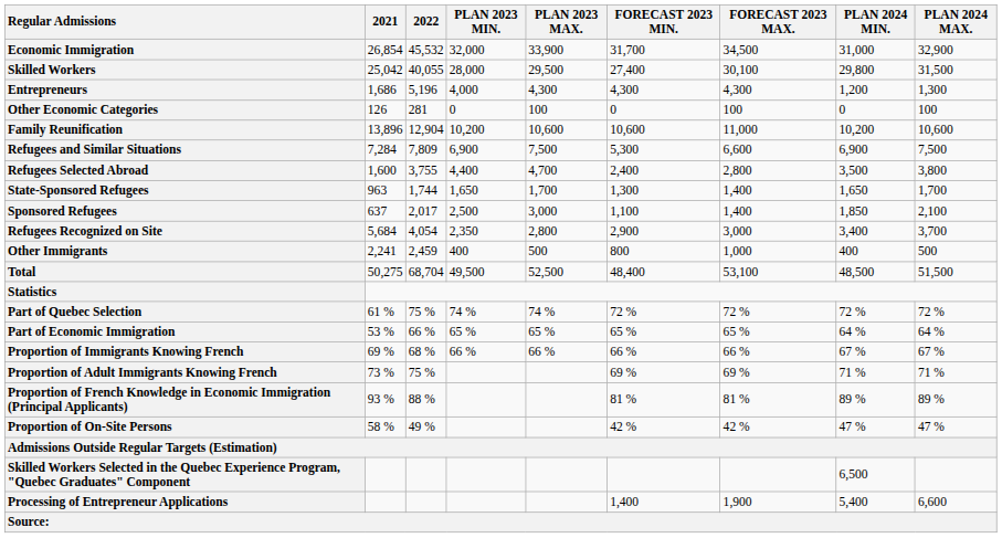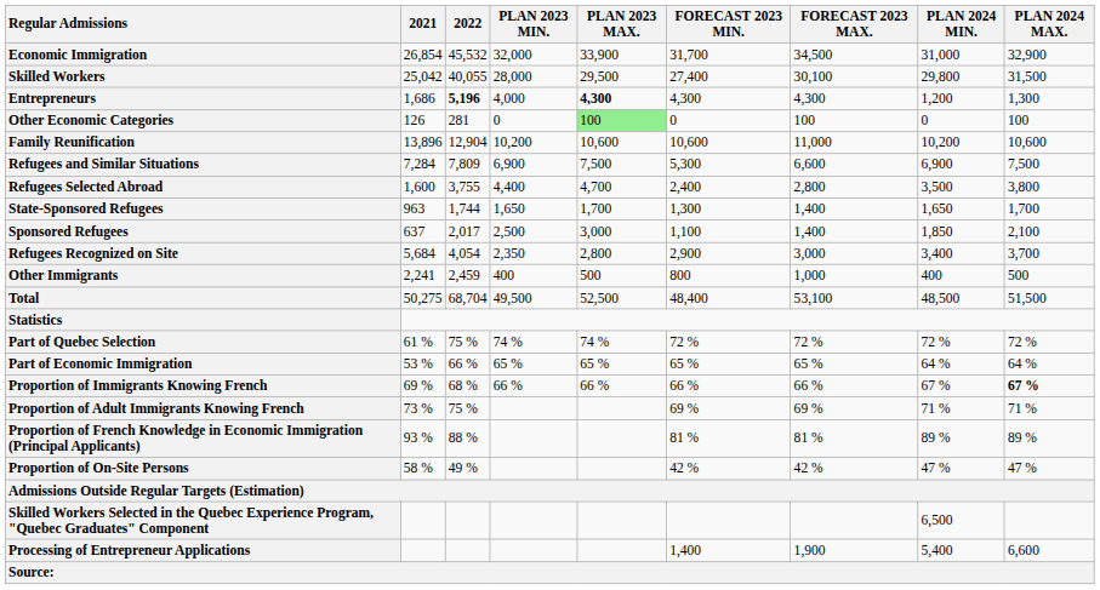 <table class="wikitable">
 <tr>
 <th scope="col" style="text-align: left;">Regular Admissions</th>
 <th scope="col">2021</th>
 <th scope="col">2022</th>
 <th scope="col">PLAN 2023 MIN.</th>
 <th scope="col">PLAN 2023 MAX.</th>
 <th scope="col">FORECAST 2023 MIN.</th>
 <th scope="col">FORECAST 2023 MAX.</th>
 <th scope="col">PLAN 2024 MIN.</th>
 <th scope="col">PLAN 2024 MAX.</th>
 </tr>
 <tr>
 <th scope="row" style="text-align: left;">Economic Immigration</th>
 <td>26,854</td>
 <td>45,532</td>
 <td>32,000</td>
 <td>33,900</td>
 <td>31,700</td>
 <td>34,500</td>
 <td>31,000</td>
 <td>32,900</td>
 </tr>
 <tr>
 <th scope="row" style="text-align: left;">Skilled Workers</th>
 <td>25,042</td>
 <td>40,055</td>
 <td>28,000</td>
 <td>29,500</td>
 <td>27,400</td>
 <td>30,100</td>
 <td>29,800</td>
 <td>31,500</td>
 </tr>
 <tr>
 <th scope="row" style="text-align: left;">Entrepreneurs</th>
 <td>1,686</td>
-<td>5,196</td>
+<td><strong>5,196</strong></td>
 <td>4,000</td>
-<td>4,300</td>
+<td><strong>4,300</strong></td>
 <td>4,300</td>
 <td>4,300</td>
 <td>1,200</td>
 <td>1,300</td>
 </tr>
 <tr>
 <th scope="row" style="text-align: left;">Other Economic Categories</th>
 <td>126</td>
 <td>281</td>
 <td>0</td>
-<td>100</td>
+<td style="background: lightgreen;">100</td>
 <td>0</td>
 <td>100</td>
 <td>0</td>
 <td>100</td>
 </tr>
 <tr>
 <th scope="row" style="text-align: left;">Family Reunification</th>
 <td>13,896</td>
 <td>12,904</td>
 <td>10,200</td>
 <td>10,600</td>
 <td>10,600</td>
 <td>11,000</td>
 <td>10,200</td>
 <td>10,600</td>
 </tr>
 <tr>
 <th scope="row" style="text-align: left;">Refugees and Similar Situations</th>
 <td>7,284</td>
 <td>7,809</td>
 <td>6,900</td>
 <td>7,500</td>
 <td>5,300</td>
 <td>6,600</td>
 <td>6,900</td>
 <td>7,500</td>
 </tr>
 <tr>
 <th scope="row" style="text-align: left;">Refugees Selected Abroad</th>
 <td>1,600</td>
 <td>3,755</td>
 <td>4,400</td>
 <td>4,700</td>
 <td>2,400</td>
 <td>2,800</td>
 <td>3,500</td>
 <td>3,800</td>
 </tr>
 <tr>
 <th scope="row" style="text-align: left;">State-Sponsored Refugees</th>
 <td>963</td>
 <td>1,744</td>
 <td>1,650</td>
 <td>1,700</td>
 <td>1,300</td>
 <td>1,400</td>
 <td>1,650</td>
 <td>1,700</td>
 </tr>
 <tr>
 <th scope="row" style="text-align: left;">Sponsored Refugees</th>
 <td>637</td>
 <td>2,017</td>
 <td>2,500</td>
 <td>3,000</td>
 <td>1,100</td>
 <td>1,400</td>
 <td>1,850</td>
 <td>2,100</td>
 </tr>
 <tr>
 <th scope="row" style="text-align: left;">Refugees Recognized on Site</th>
 <td>5,684</td>
 <td>4,054</td>
 <td>2,350</td>
 <td>2,800</td>
 <td>2,900</td>
 <td>3,000</td>
 <td>3,400</td>
 <td>3,700</td>
 </tr>
 <tr>
 <th scope="row" style="text-align: left;">Other Immigrants</th>
 <td>2,241</td>
 <td>2,459</td>
 <td>400</td>
 <td>500</td>
 <td>800</td>
 <td>1,000</td>
 <td>400</td>
 <td>500</td>
 </tr>
 <tr>
 <th scope="row" style="text-align: left;">Total</th>
 <td>50,275</td>
 <td>68,704</td>
 <td>49,500</td>
 <td>52,500</td>
 <td>48,400</td>
 <td>53,100</td>
 <td>48,500</td>
 <td>51,500</td>
 </tr>
 <tr>
 <th scope="row" style="text-align: left;">Statistics</th>
 </tr>
 <tr>
 <th scope="row" style="text-align: left;">Part of Quebec Selection</th>
 <td>61 %</td>
 <td>75 %</td>
 <td>74 %</td>
 <td>74 %</td>
 <td>72 %</td>
 <td>72 %</td>
 <td>72 %</td>
 <td>72 %</td>
 </tr>
 <tr>
 <th scope="row" style="text-align: left;">Part of Economic Immigration</th>
 <td>53 %</td>
 <td>66 %</td>
 <td>65 %</td>
 <td>65 %</td>
 <td>65 %</td>
 <td>65 %</td>
 <td>64 %</td>
 <td>64 %</td>
 </tr>
 <tr>
 <th scope="row" style="text-align: left;">Proportion of Immigrants Knowing French</th>
 <td>69 %</td>
 <td>68 %</td>
 <td>66 %</td>
 <td>66 %</td>
 <td>66 %</td>
 <td>66 %</td>
 <td>67 %</td>
-<td>67 %</td>
+<td><strong>67 %</strong></td>
 </tr>
 <tr>
 <th scope="row" style="text-align: left;">Proportion of Adult Immigrants Knowing French</th>
 <td>73 %</td>
 <td>75 %</td>
 <td></td>
 <td></td>
 <td>69 %</td>
 <td>69 %</td>
 <td>71 %</td>
 <td>71 %</td>
 </tr>
 <tr>
 <th scope="row" style="text-align: left;">Proportion of French Knowledge in Economic Immigration (Principal Applicants)</th>
 <td>93 %</td>
 <td>88 %</td>
 <td></td>
 <td></td>
 <td>81 %</td>
 <td>81 %</td>
 <td>89 %</td>
 <td>89 %</td>
 </tr>
 <tr>
 <th scope="row" style="text-align: left;">Proportion of On-Site Persons</th>
 <td>58 %</td>
 <td>49 %</td>
 <td></td>
 <td></td>
 <td>42 %</td>
 <td>42 %</td>
 <td>47 %</td>
 <td>47 %</td>
 </tr>
 <tr>
 <th scope="row" style="text-align: left;" colspan="9">Admissions Outside Regular Targets (Estimation)</th>
 </tr>
 <tr>
 <th scope="row" style="text-align: left;">Skilled Workers Selected in the Quebec Experience Program, "Quebec Graduates" Component</th>
 <td></td>
 <td></td>
 <td></td>
 <td></td>
 <td></td>
 <td></td>
 <td>6,500</td>
 </tr>
 <tr>
 <th scope="row" style="text-align: left;">Processing of Entrepreneur Applications</th>
 <td></td>
 <td></td>
 <td></td>
 <td></td>
 <td>1,400</td>
 <td>1,900</td>
 <td>5,400</td>
 <td>6,600</td>
 </tr>
 <tr>
 <th scope="row" style="text-align: left;" colspan="9">Source: </th>
 </tr>
 </table>
